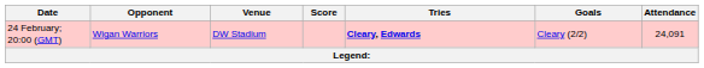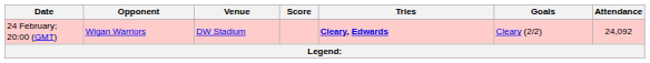 <table style="font-size:75%;" class="wikitable">
 <tr>
 <th style="width:115px;">Date</th>
 <th style="width:170px;">Opponent</th>
 <th style="width:130px;">Venue</th>
 <th style="width:50px;">Score</th>
 <th style="width:285px;">Tries</th>
 <th style="width:155px;">Goals</th>
 <th style="width:60px;">Attendance</th>
 </tr>
 <tr style="background:#FFCCCC">
 <td>24 February; 20:00 (<a href='#'>GMT</a>)</td>
 <td> <a href='#'>Wigan Warriors</a></td>
 <td><a href='#'>DW Stadium</a></td>
 <td style="text-align:center;"></td>
 <td><strong><a href='#'>Cleary</a>, <a href='#'>Edwards</a></strong></td>
 <td><a href='#'>Cleary</a> (2/2)</td>
-<td style="text-align:center;">24,091</td>
+<td style="text-align:center;">24,092</td>
 </tr>
 <tr>
 <th colspan="7">Legend:   </th>
 </tr>
 </table>
